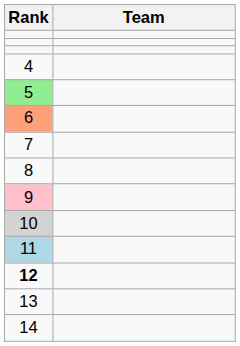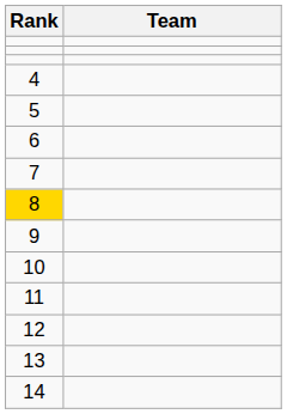 <table class="wikitable">
 <tr>
 <th>Rank</th>
 <th width=170>Team</th>
 </tr>
 <tr>
 <td align=center></td>
 <td></td>
 </tr>
 <tr>
 <td align=center></td>
 <td></td>
 </tr>
 <tr>
 <td align=center></td>
 <td></td>
 </tr>
 <tr>
 <td align=center>4</td>
 <td></td>
 </tr>
 <tr>
-<td align=center style="background: lightgreen;">5</td>
+<td align=center>5</td>
 <td></td>
 </tr>
 <tr>
-<td align=center style="background: lightsalmon;">6</td>
+<td align=center>6</td>
 <td></td>
 </tr>
 <tr>
 <td align=center>7</td>
 <td></td>
 </tr>
 <tr>
-<td align=center>8</td>
+<td align=center style="background: gold;">8</td>
 <td></td>
 </tr>
 <tr>
-<td align=center style="background: pink;">9</td>
+<td align=center>9</td>
 <td></td>
 </tr>
 <tr>
-<td align=center style="background: lightgrey;">10</td>
+<td align=center>10</td>
 <td></td>
 </tr>
 <tr>
-<td align=center style="background: lightblue;">11</td>
+<td align=center>11</td>
 <td></td>
 </tr>
 <tr>
-<td align=center><strong>12</strong></td>
+<td align=center>12</td>
 <td></td>
 </tr>
 <tr>
 <td align=center>13</td>
 <td></td>
 </tr>
 <tr>
 <td align=center>14</td>
 <td></td>
 </tr>
 </table>
